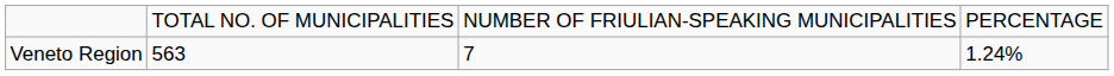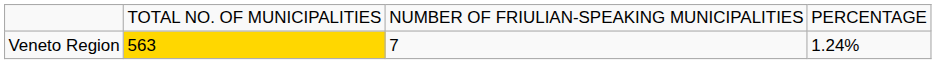 <table class="wikitable">
 <tr>
 <td></td>
 <td>TOTAL NO. OF MUNICIPALITIES</td>
 <td>NUMBER OF FRIULIAN-SPEAKING MUNICIPALITIES</td>
 <td>PERCENTAGE</td>
 </tr>
 <tr>
 <td>Veneto Region</td>
-<td>563</td>
+<td style="background: gold;">563</td>
 <td>7</td>
 <td>1.24%</td>
 </tr>
 </table>
